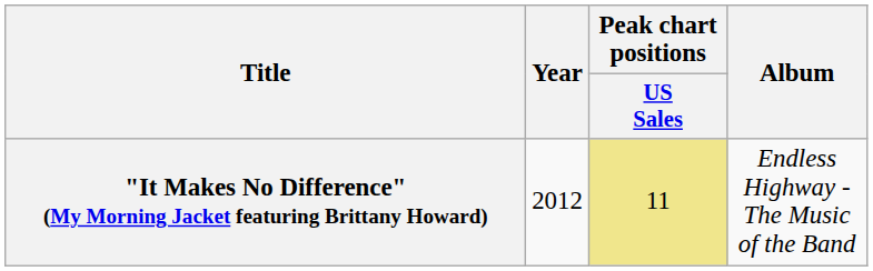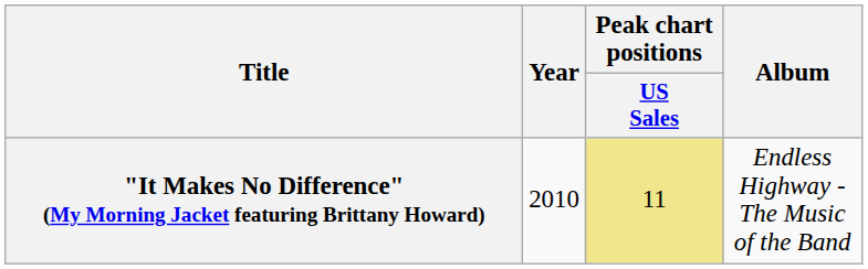 <table class="wikitable plainrowheaders" style="text-align:center;">
 <tr>
 <th rowspan="2" style="width:20em;">Title</th>
 <th rowspan="2" style="width:1em;">Year</th>
 <th colspan="1" style="width:5em;">Peak chart positions</th>
 <th rowspan="2" style="width:5em;">Album</th>
 </tr>
 <tr>
 <th scope="col" style="width:2em;font-size:90%;"><a href='#'>US<br>Sales</a><br></th>
 </tr>
 <tr>
 <th scope="row">"It Makes No Difference"<br><small>(<a href='#'>My Morning Jacket</a> featuring Brittany Howard)</small></th>
-<td>2012</td>
+<td>2010</td>
 <td style="background: khaki;">11</td>
 <td><em>Endless Highway - The Music of the Band</em></td>
 </tr>
 </table>
